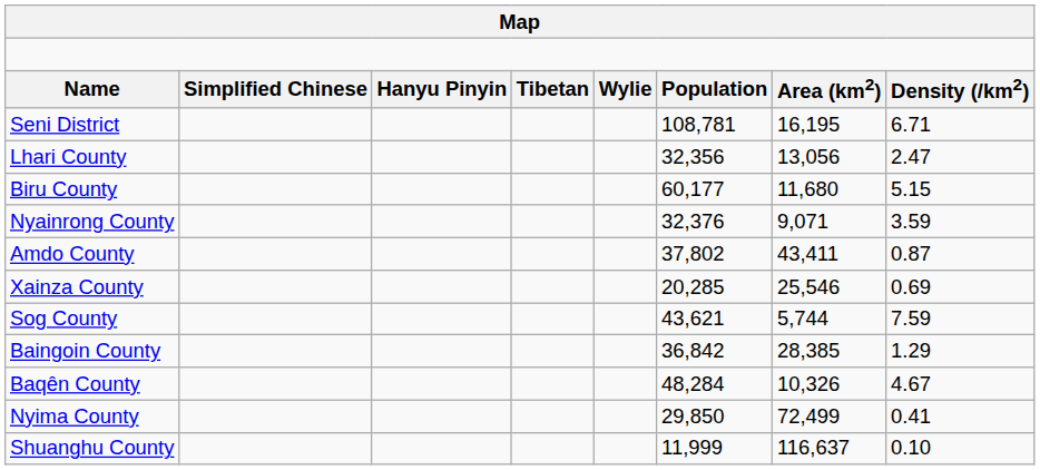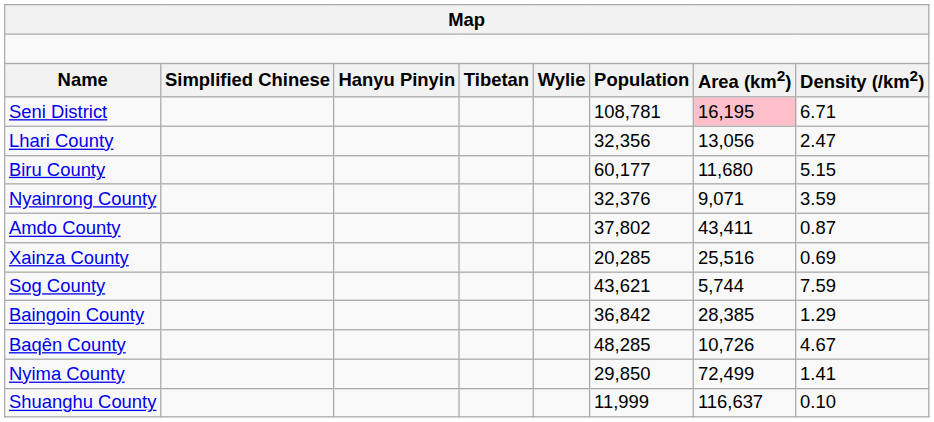 <table class="wikitable"  style="font-size:90%;" align=center>
 <tr>
 <th colspan="9" align="center">Map</th>
 </tr>
 <tr>
 <td colspan="9" align="center"><div><br>              </div></td>
 </tr>
 <tr>
 <th>Name</th>
 <th>Simplified Chinese</th>
 <th>Hanyu Pinyin</th>
 <th>Tibetan</th>
 <th>Wylie</th>
 <th>Population </th>
 <th>Area (km<sup>2</sup>)</th>
 <th>Density (/km<sup>2</sup>)</th>
 </tr>
 <tr>
 <td><a href='#'>Seni District</a></td>
 <td></td>
 <td></td>
 <td></td>
 <td></td>
 <td>108,781</td>
-<td>16,195</td>
+<td style="background: pink;">16,195</td>
 <td>6.71</td>
 </tr>
 <tr>
 <td><a href='#'>Lhari County</a></td>
 <td></td>
 <td></td>
 <td></td>
 <td></td>
 <td>32,356</td>
 <td>13,056</td>
 <td>2.47</td>
 </tr>
 <tr>
 <td><a href='#'>Biru County</a></td>
 <td></td>
 <td></td>
 <td></td>
 <td></td>
 <td>60,177</td>
 <td>11,680</td>
 <td>5.15</td>
 </tr>
 <tr>
 <td><a href='#'>Nyainrong County</a></td>
 <td></td>
 <td></td>
 <td></td>
 <td></td>
 <td>32,376</td>
 <td>9,071</td>
 <td>3.59</td>
 </tr>
 <tr>
 <td><a href='#'>Amdo County</a></td>
 <td></td>
 <td></td>
 <td></td>
 <td></td>
 <td>37,802</td>
 <td>43,411</td>
 <td>0.87</td>
 </tr>
 <tr>
 <td><a href='#'>Xainza County</a></td>
 <td></td>
 <td></td>
 <td></td>
 <td></td>
 <td>20,285</td>
-<td>25,546</td>
+<td>25,516</td>
 <td>0.69</td>
 </tr>
 <tr>
 <td><a href='#'>Sog County</a></td>
 <td></td>
 <td></td>
 <td></td>
 <td></td>
 <td>43,621</td>
 <td>5,744</td>
 <td>7.59</td>
 </tr>
 <tr>
 <td><a href='#'>Baingoin County</a></td>
 <td></td>
 <td></td>
 <td></td>
 <td></td>
 <td>36,842</td>
 <td>28,385</td>
 <td>1.29</td>
 </tr>
 <tr>
 <td><a href='#'>Baqên County</a></td>
 <td></td>
 <td></td>
 <td></td>
 <td></td>
-<td>48,284</td>
-<td>10,326</td>
+<td>48,285</td>
+<td>10,726</td>
 <td>4.67</td>
 </tr>
 <tr>
 <td><a href='#'>Nyima County</a></td>
 <td></td>
 <td></td>
 <td></td>
 <td></td>
 <td>29,850</td>
 <td>72,499</td>
-<td>0.41</td>
+<td>1.41</td>
 </tr>
 <tr>
 <td><a href='#'>Shuanghu County</a></td>
 <td></td>
 <td></td>
 <td></td>
 <td></td>
 <td>11,999</td>
 <td>116,637</td>
 <td>0.10</td>
 </tr>
 </table>
